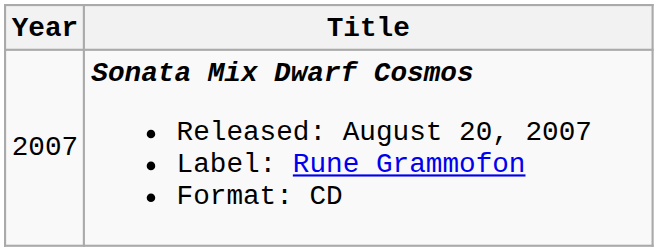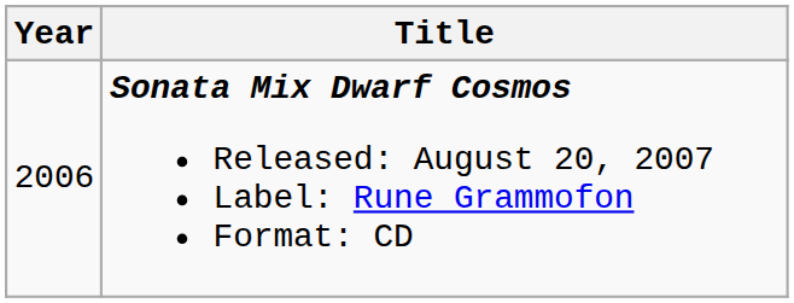 <table class="wikitable">
 <tr>
 <th>Year</th>
 <th style="width:225px;">Title</th>
 </tr>
 <tr>
-<td>2007</td>
+<td>2006</td>
 <td style="width:20em"><strong><em>Sonata Mix Dwarf Cosmos</em></strong><br><ul><li>Released: August 20, 2007</li><li>Label: <a href='#'>Rune Grammofon</a> </li><li>Format: CD</li></ul></td>
 </tr>
 </table>
